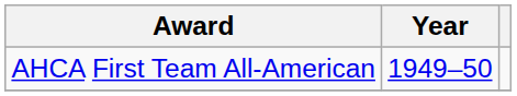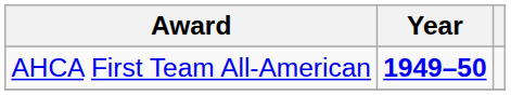 <table class="wikitable">
 <tr>
 <th>Award</th>
 <th>Year</th>
 <th></th>
 </tr>
 <tr>
 <td><a href='#'>AHCA</a> <a href='#'>First Team All-American</a></td>
-<td><a href='#'>1949–50</a></td>
+<td><strong><a href='#'>1949–50</a></strong></td>
 <td></td>
 </tr>
 <tr>
 </tr>
 </table>
